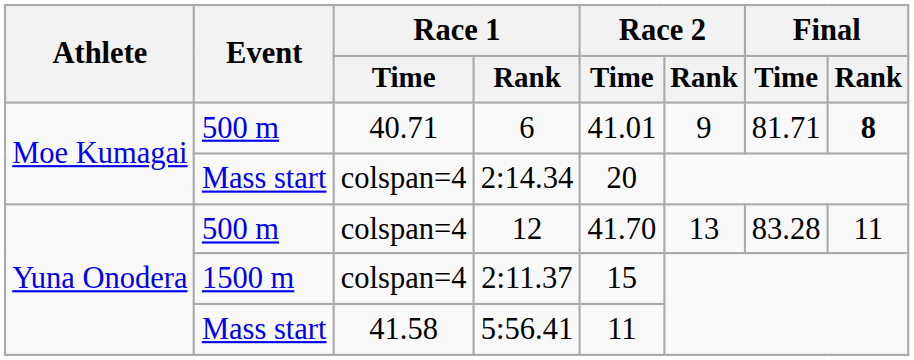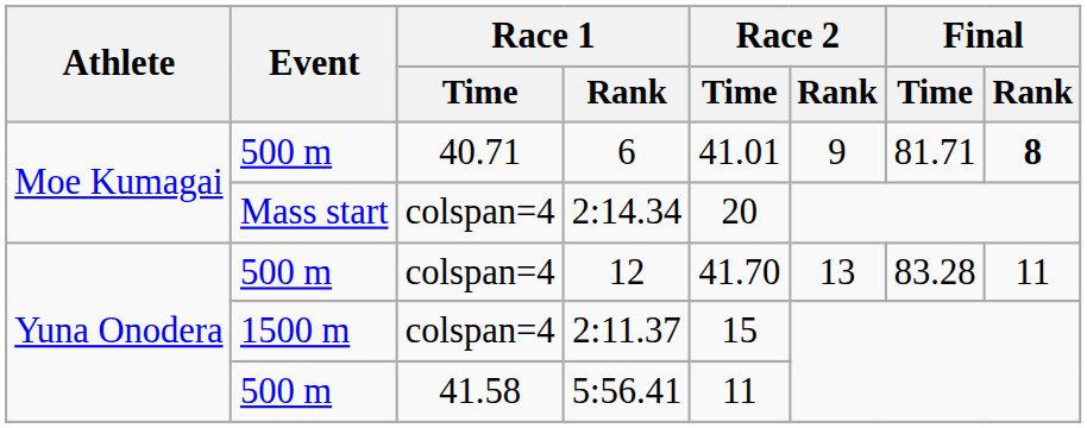 <table class="wikitable" style="font-size:90%">
 <tr>
 <th rowspan=2>Athlete</th>
 <th rowspan=2>Event</th>
 <th colspan=2>Race 1</th>
 <th colspan=2>Race 2</th>
 <th colspan=2>Final</th>
 </tr>
 <tr style="font-size:95%">
 <th>Time</th>
 <th>Rank</th>
 <th>Time</th>
 <th>Rank</th>
 <th>Time</th>
 <th>Rank</th>
 </tr>
 <tr align=center>
 <td align=left rowspan=2><a href='#'>Moe Kumagai</a></td>
 <td align=left><a href='#'>500 m</a></td>
 <td>40.71</td>
 <td>6</td>
 <td>41.01</td>
 <td>9</td>
 <td>81.71</td>
 <td><strong>8</strong></td>
 </tr>
 <tr align=center>
 <td align=left><a href='#'>Mass start</a></td>
 <td>colspan=4 </td>
 <td>2:14.34</td>
 <td>20</td>
 </tr>
 <tr align=center>
 <td align=left rowspan=3><a href='#'>Yuna Onodera</a></td>
 <td align=left><a href='#'>500 m</a></td>
 <td>colspan=4 </td>
 <td>12</td>
 <td>41.70</td>
 <td>13</td>
 <td>83.28</td>
 <td>11</td>
 </tr>
 <tr align=center>
 <td align=left><a href='#'>1500 m</a></td>
 <td>colspan=4 </td>
 <td>2:11.37</td>
 <td>15</td>
 </tr>
 <tr align=center>
-<td align=left><a href='#'>Mass start</a></td>
+<td align=left><a href='#'>500 m</a></td>
 <td>41.58</td>
 <td>5:56.41</td>
 <td>11</td>
 </tr>
 </table>
